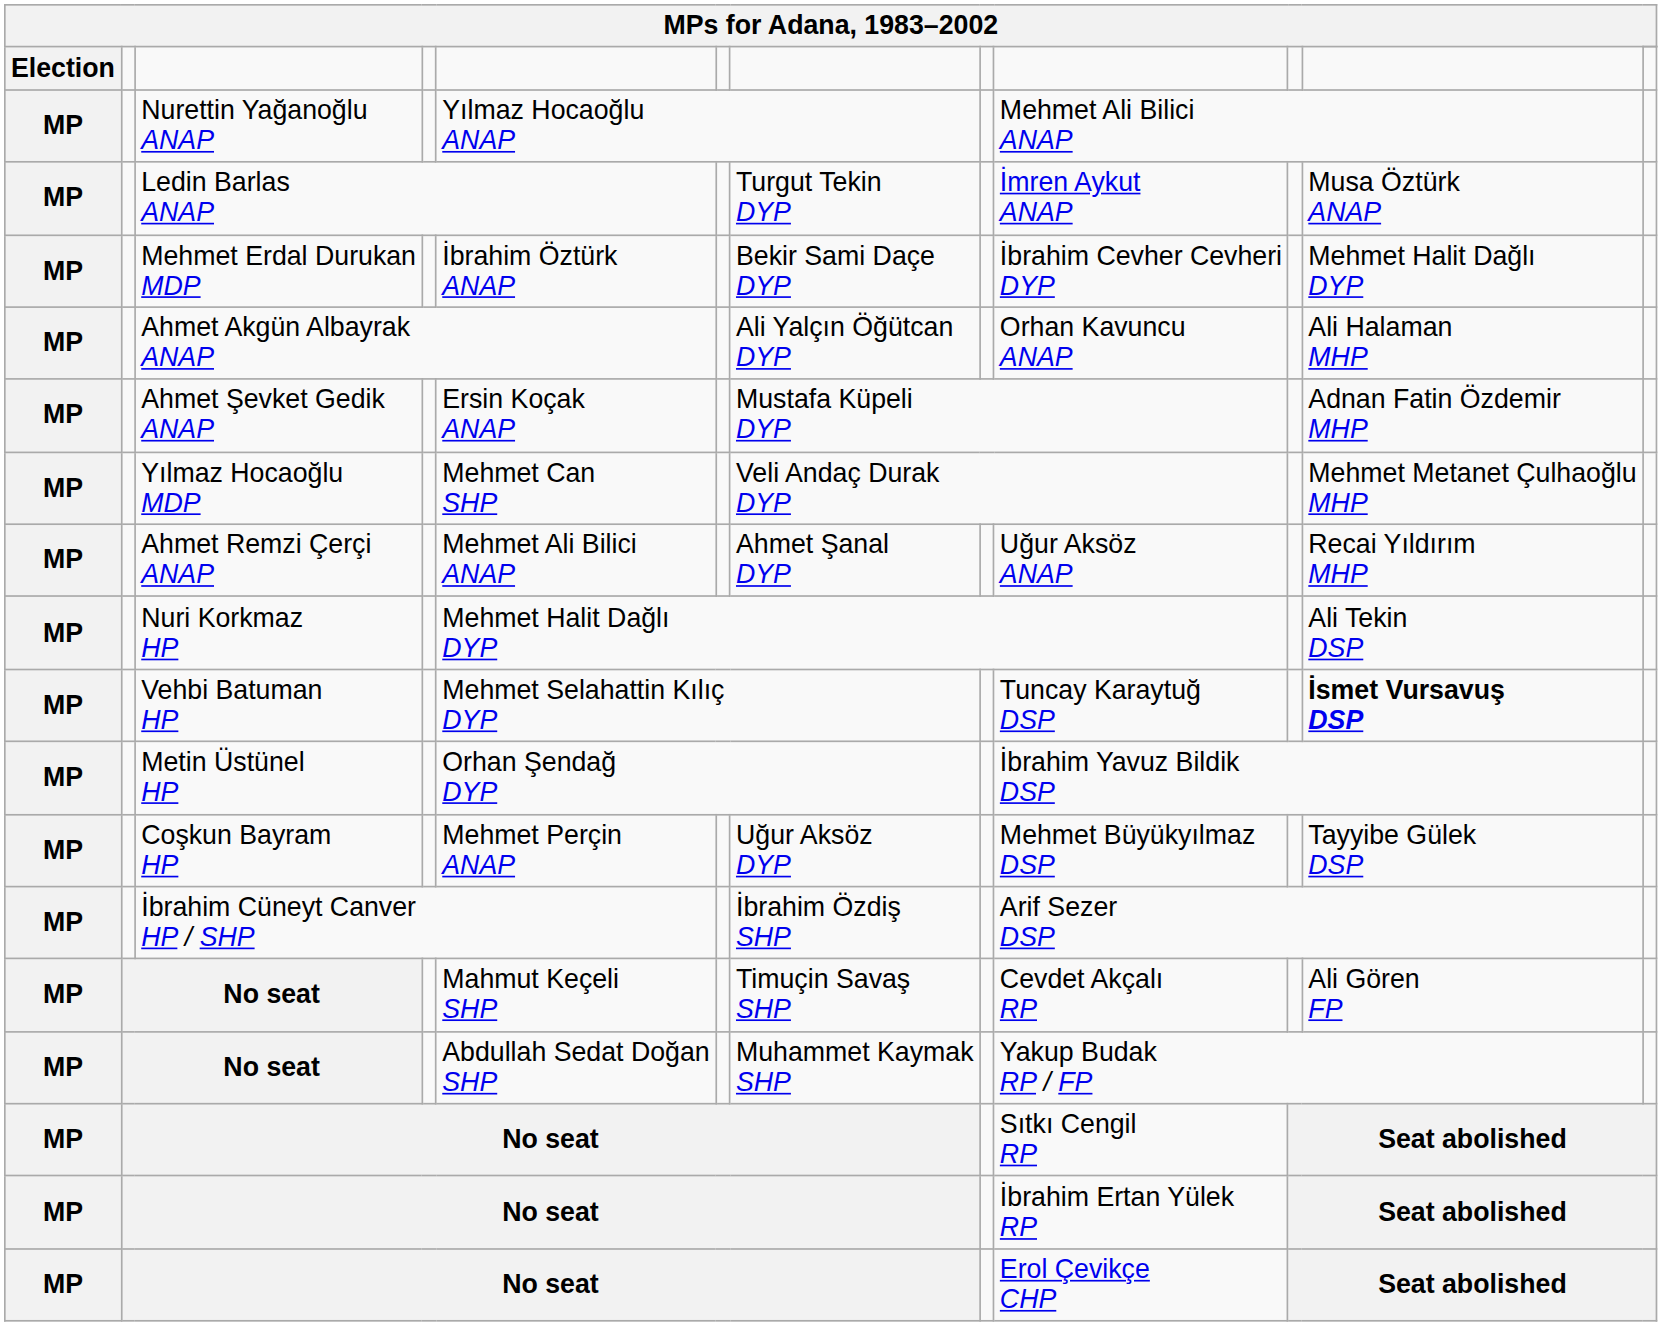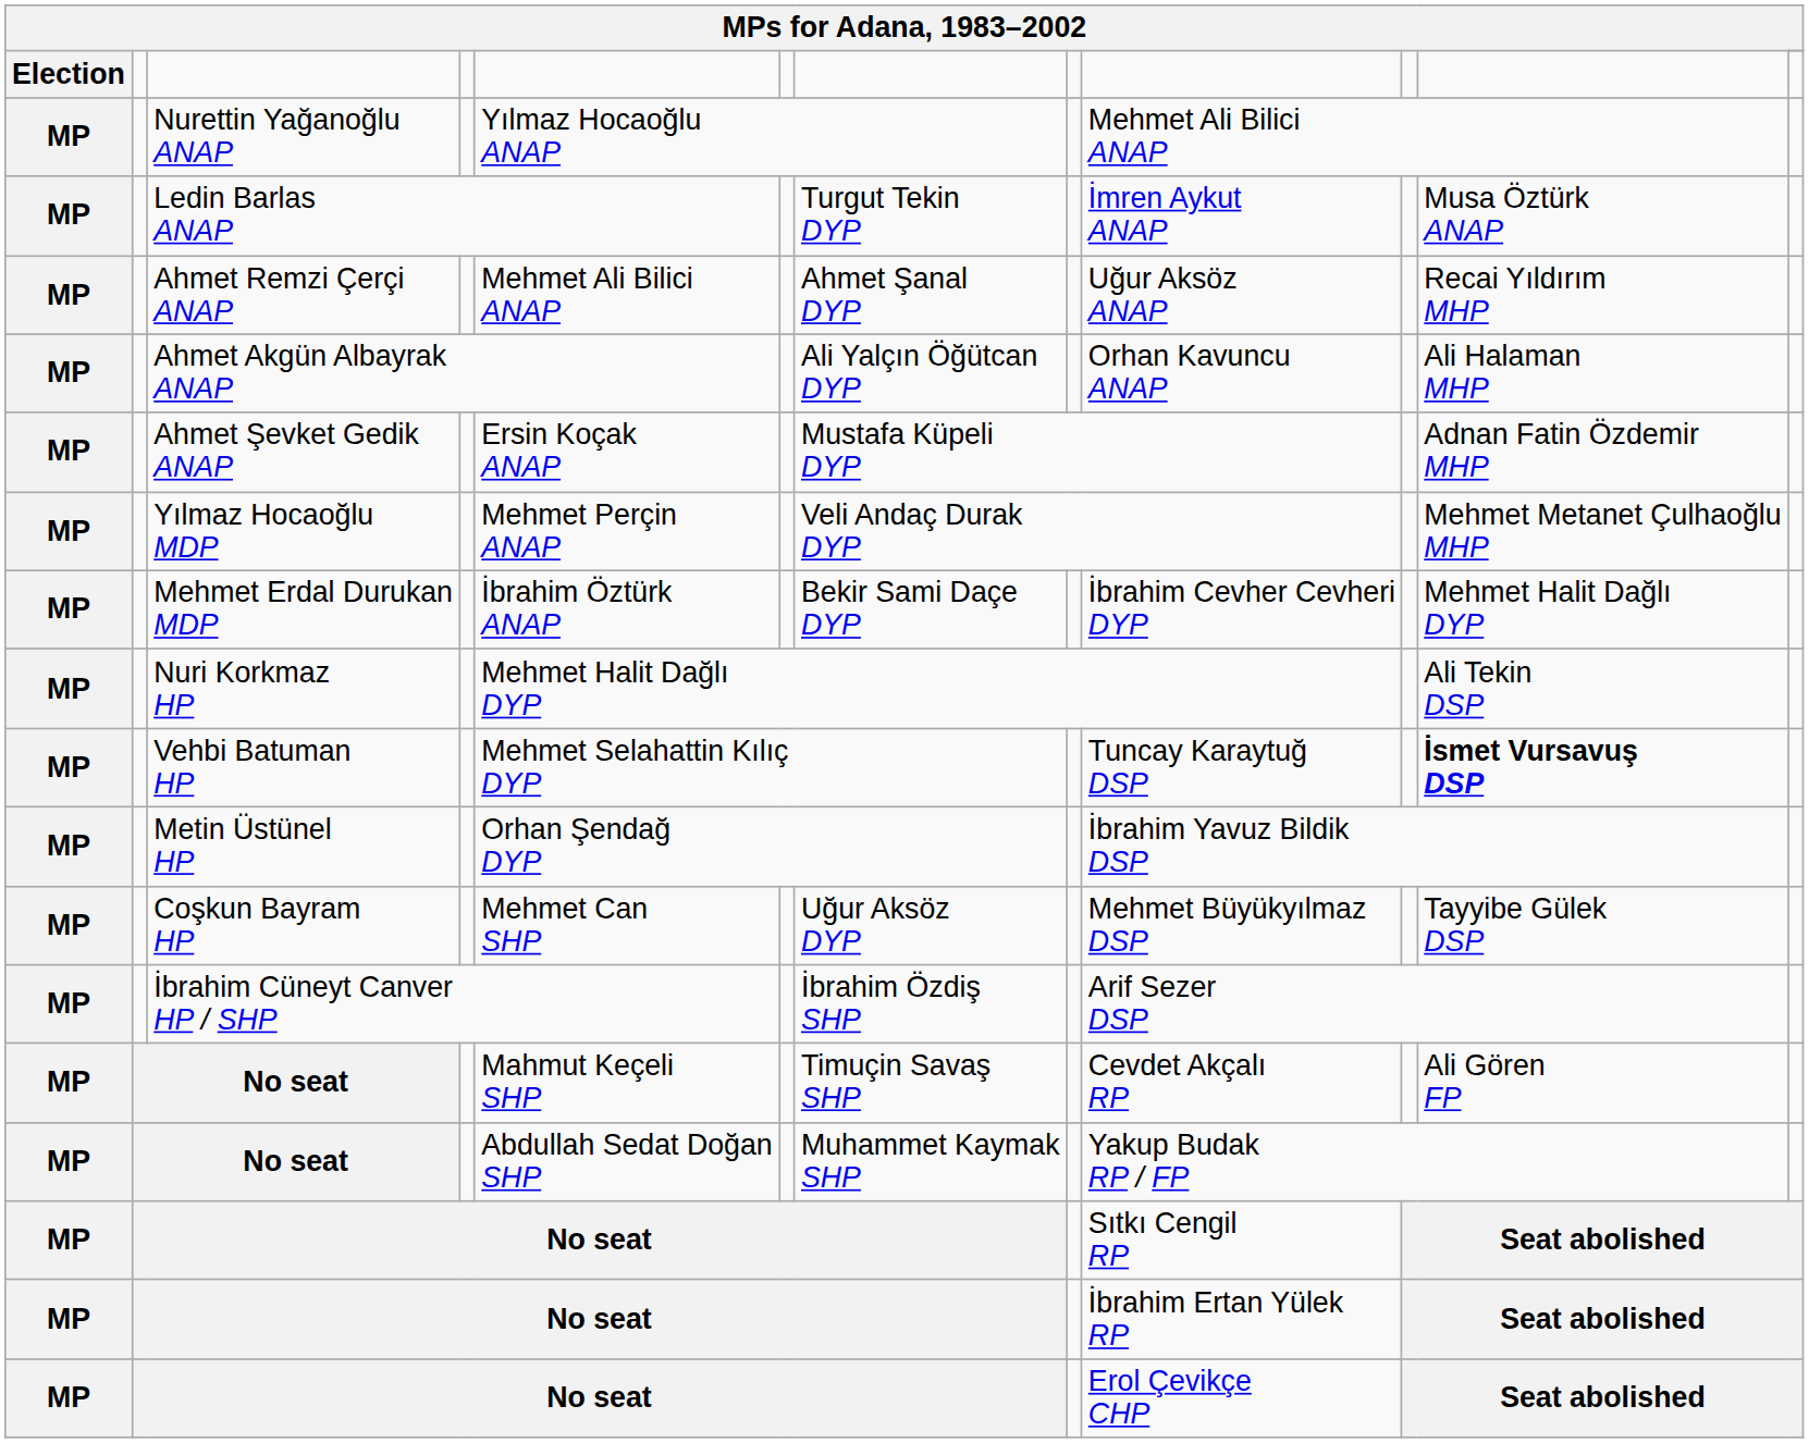 <table class="wikitable">
 <tr>
 <th colspan = 12>MPs for Adana, 1983–2002</th>
 </tr>
 <tr>
 <th rowspan = 2>Election</th>
 <td rowspan="2" style="width:1px;"></td>
 <td rowspan = 2></td>
 <td rowspan="2" style="width:1px;"></td>
 <td rowspan = 2></td>
 <td rowspan="2" style="width:1px;"></td>
 <td rowspan = 2></td>
 <td rowspan="2" style="width:1px;"></td>
 <td rowspan = 2></td>
 <td rowspan="2" style="width:1px;"></td>
 <td rowspan = 2></td>
 </tr>
 <tr>
 <td></td>
 </tr>
 <tr>
 <th>MP</th>
 <td width=1px style="background-color: "></td>
 <td colspan = 1>Nurettin Yağanoğlu<br><em><a href='#'>ANAP</a></em><br></td>
 <td width=1px style="background-color: "></td>
 <td colspan = 3>Yılmaz Hocaoğlu<br><em><a href='#'>ANAP</a></em><br></td>
 <td width=1px style="background-color: "></td>
 <td colspan = 3>Mehmet Ali Bilici<br><em><a href='#'>ANAP</a></em></td>
 <td width=1px style="background-color: "></td>
 </tr>
 <tr>
 <th>MP</th>
 <td width=1px style="background-color: "></td>
 <td colspan = 3>Ledin Barlas<br><em><a href='#'>ANAP</a></em><br></td>
 <td width=1px style="background-color: "></td>
 <td colspan = 1>Turgut Tekin<br><em><a href='#'>DYP</a></em><br></td>
 <td width=1px style="background-color: "></td>
 <td colspan = 1><a href='#'>İmren Aykut</a><br><em><a href='#'>ANAP</a></em><br></td>
 <td width=1px style="background-color: "></td>
 <td colspan = 1>Musa Öztürk<br><em><a href='#'>ANAP</a></em></td>
 <td width=1px style="background-color: "></td>
 </tr>
 <tr>
-<th>MP</th>
+<th>MP<br></th>
 <td width=1px style="background-color: "></td>
-<td colspan = 1>Mehmet Erdal Durukan<br><em><a href='#'>MDP</a></em><br></td>
+<td colspan = 1>Ahmet Remzi Çerçi<br><em><a href='#'>ANAP</a></em><br></td>
 <td width=1px style="background-color: "></td>
-<td colspan = 1>İbrahim Öztürk<br><em><a href='#'>ANAP</a></em><br></td>
+<td colspan = 1>Mehmet Ali Bilici<br><em><a href='#'>ANAP</a></em><br></td>
 <td width=1px style="background-color: "></td>
-<td colspan = 1>Bekir Sami Daçe<br><em><a href='#'>DYP</a></em><br></td>
+<td colspan = 1>Ahmet Şanal<br><em><a href='#'>DYP</a></em><br></td>
 <td width=1px style="background-color: "></td>
-<td colspan = 1>İbrahim Cevher Cevheri<br><em><a href='#'>DYP</a></em><br></td>
+<td colspan = 1>Uğur Aksöz<br><em><a href='#'>ANAP</a></em><br></td>
 <td width=1px style="background-color: "></td>
-<td colspan = 1>Mehmet Halit Dağlı<br><em><a href='#'>DYP</a></em></td>
+<td colspan = 1>Recai Yıldırım<br><em><a href='#'>MHP</a></em></td>
 <td width=1px style="background-color: "></td>
 </tr>
 <tr>
 <th>MP</th>
 <td width=1px style="background-color: "></td>
 <td colspan = 3>Ahmet Akgün Albayrak<br><em><a href='#'>ANAP</a></em><br></td>
 <td width=1px style="background-color: "></td>
 <td colspan = 1>Ali Yalçın Öğütcan<br><em><a href='#'>DYP</a></em><br></td>
 <td width=1px style="background-color: "></td>
 <td colspan = 1>Orhan Kavuncu<br><em><a href='#'>ANAP</a></em><br></td>
 <td width=1px style="background-color: "></td>
 <td colspan = 1>Ali Halaman<br><em><a href='#'>MHP</a></em></td>
 <td width=1px style="background-color: "></td>
 </tr>
 <tr>
 <th>MP</th>
 <td width=1px style="background-color: "></td>
 <td colspan = 1>Ahmet Şevket Gedik<br><em><a href='#'>ANAP</a></em><br></td>
 <td width=1px style="background-color: "></td>
 <td colspan = 1>Ersin Koçak<br><em><a href='#'>ANAP</a></em><br></td>
 <td width=1px style="background-color: "></td>
 <td colspan = 3>Mustafa Küpeli<br><em><a href='#'>DYP</a></em><br></td>
 <td width=1px style="background-color: "></td>
 <td colspan = 1>Adnan Fatin Özdemir<br><em><a href='#'>MHP</a></em></td>
 <td width=1px style="background-color: "></td>
 </tr>
 <tr>
 <th>MP</th>
 <td width=1px style="background-color: "></td>
 <td colspan = 1>Yılmaz Hocaoğlu<br><em><a href='#'>MDP</a></em><br></td>
 <td width=1px style="background-color: "></td>
-<td colspan = 1>Mehmet Can<br><em><a href='#'>SHP</a></em><br></td>
+<td colspan = 1>Mehmet Perçin<br><em><a href='#'>ANAP</a></em><br></td>
 <td width=1px style="background-color: "></td>
 <td colspan = 3>Veli Andaç Durak<br><em><a href='#'>DYP</a></em><br></td>
 <td width=1px style="background-color: "></td>
 <td colspan = 1>Mehmet Metanet Çulhaoğlu<br><em><a href='#'>MHP</a></em></td>
 <td width=1px style="background-color: "></td>
 </tr>
 <tr>
-<th>MP<br></th>
+<th>MP</th>
 <td width=1px style="background-color: "></td>
-<td colspan = 1>Ahmet Remzi Çerçi<br><em><a href='#'>ANAP</a></em><br></td>
+<td colspan = 1>Mehmet Erdal Durukan<br><em><a href='#'>MDP</a></em><br></td>
 <td width=1px style="background-color: "></td>
-<td colspan = 1>Mehmet Ali Bilici<br><em><a href='#'>ANAP</a></em><br></td>
+<td colspan = 1>İbrahim Öztürk<br><em><a href='#'>ANAP</a></em><br></td>
 <td width=1px style="background-color: "></td>
-<td colspan = 1>Ahmet Şanal<br><em><a href='#'>DYP</a></em><br></td>
+<td colspan = 1>Bekir Sami Daçe<br><em><a href='#'>DYP</a></em><br></td>
 <td width=1px style="background-color: "></td>
-<td colspan = 1>Uğur Aksöz<br><em><a href='#'>ANAP</a></em><br></td>
+<td colspan = 1>İbrahim Cevher Cevheri<br><em><a href='#'>DYP</a></em><br></td>
 <td width=1px style="background-color: "></td>
-<td colspan = 1>Recai Yıldırım<br><em><a href='#'>MHP</a></em></td>
+<td colspan = 1>Mehmet Halit Dağlı<br><em><a href='#'>DYP</a></em></td>
 <td width=1px style="background-color: "></td>
 </tr>
 <tr>
 <th>MP</th>
 <td width=1px style="background-color: "></td>
 <td colspan = 1>Nuri Korkmaz<br><em><a href='#'>HP</a></em><br></td>
 <td width=1px style="background-color: "></td>
 <td colspan = 5>Mehmet Halit Dağlı<br><em><a href='#'>DYP</a></em><br></td>
 <td width=1px style="background-color: "></td>
 <td colspan = 1>Ali Tekin<br><em><a href='#'>DSP</a></em></td>
 <td width=1px style="background-color: "></td>
 </tr>
 <tr>
 <th>MP</th>
 <td width=1px style="background-color: "></td>
 <td colspan = 1>Vehbi Batuman<br><em><a href='#'>HP</a></em><br></td>
 <td width=1px style="background-color: "></td>
 <td colspan = 3>Mehmet Selahattin Kılıç<br><em><a href='#'>DYP</a></em><br></td>
 <td width=1px style="background-color: "></td>
 <td colspan = 1>Tuncay Karaytuğ<br><em><a href='#'>DSP</a></em><br></td>
 <td width=1px style="background-color: "></td>
 <td colspan = 1><strong>İsmet Vursavuş<br><em><a href='#'>DSP</a></em></strong></td>
 <td width=1px style="background-color: "></td>
 </tr>
 <tr>
 <th>MP</th>
 <td width=1px style="background-color: "></td>
 <td colspan = 1>Metin Üstünel<br><em><a href='#'>HP</a></em><br></td>
 <td width=1px style="background-color: "></td>
 <td colspan = 3>Orhan Şendağ<br><em><a href='#'>DYP</a></em><br></td>
 <td width=1px style="background-color: "></td>
 <td colspan = 3>İbrahim Yavuz Bildik<br><em><a href='#'>DSP</a></em></td>
 <td width=1px style="background-color: "></td>
 </tr>
 <tr>
 <th>MP</th>
 <td width=1px style="background-color: "></td>
 <td colspan = 1>Coşkun Bayram<br><em><a href='#'>HP</a></em><br></td>
 <td width=1px style="background-color: "></td>
-<td colspan = 1>Mehmet Perçin<br><em><a href='#'>ANAP</a></em><br></td>
+<td colspan = 1>Mehmet Can<br><em><a href='#'>SHP</a></em><br></td>
 <td width=1px style="background-color: "></td>
 <td colspan = 1>Uğur Aksöz<br><em><a href='#'>DYP</a></em><br></td>
 <td width=1px style="background-color: "></td>
 <td colspan = 1>Mehmet Büyükyılmaz<br><em><a href='#'>DSP</a></em><br></td>
 <td width=1px style="background-color: "></td>
 <td colspan = 1>Tayyibe Gülek<br><em><a href='#'>DSP</a></em></td>
 <td width=1px style="background-color: "></td>
 </tr>
 <tr>
 <th>MP</th>
 <td width=1px style="background-color: "></td>
 <td colspan = 3>İbrahim Cüneyt Canver<br><em><a href='#'>HP</a> / <a href='#'>SHP</a></em><br></td>
 <td width=1px style="background-color: "></td>
 <td colspan = 1>İbrahim Özdiş<br><em><a href='#'>SHP</a></em><br></td>
 <td width=1px style="background-color: "></td>
 <td colspan = 3>Arif Sezer<br><em><a href='#'>DSP</a></em></td>
 <td width=1px style="background-color: "></td>
 </tr>
 <tr>
 <th>MP</th>
 <th colspan="2">No seat<br></th>
 <td width=1px style="background-color: "></td>
 <td colspan = 1>Mahmut Keçeli<br><em><a href='#'>SHP</a></em><br></td>
 <td width=1px style="background-color: "></td>
 <td colspan = 1>Timuçin Savaş<br><em><a href='#'>SHP</a></em><br></td>
 <td width=1px style="background-color: "></td>
 <td colspan = 1>Cevdet Akçalı<br><em><a href='#'>RP</a></em><br></td>
 <td width=1px style="background-color: "></td>
 <td colspan = 1>Ali Gören<br><em><a href='#'>FP</a></em></td>
 <td width=1px style="background-color: "></td>
 </tr>
 <tr>
 <th>MP</th>
 <th colspan="2">No seat<br></th>
 <td width=1px style="background-color: "></td>
 <td colspan = 1>Abdullah Sedat Doğan<br><em><a href='#'>SHP</a></em><br></td>
 <td width=1px style="background-color: "></td>
 <td colspan = 1>Muhammet Kaymak<br><em><a href='#'>SHP</a></em><br></td>
 <td width=1px style="background-color: "></td>
 <td colspan = 3>Yakup Budak<br><em><a href='#'>RP</a> / <a href='#'>FP</a></em></td>
 <td width=1px style="background-color: "></td>
 </tr>
 <tr>
 <th>MP</th>
 <th colspan="6">No seat<br></th>
 <td width=1px style="background-color: "></td>
 <td colspan = 1>Sıtkı Cengil<br><em><a href='#'>RP</a></em></td>
 <th colspan=3>Seat abolished</th>
 </tr>
 <tr>
 <th>MP</th>
 <th colspan="6">No seat<br></th>
 <td width=1px style="background-color: "></td>
 <td colspan = 1>İbrahim Ertan Yülek<br><em><a href='#'>RP</a></em></td>
 <th colspan=3>Seat abolished</th>
 </tr>
 <tr>
 <th>MP</th>
 <th colspan="6">No seat<br></th>
 <td width=1px style="background-color: "></td>
 <td colspan = 1><a href='#'>Erol Çevikçe</a><br><em><a href='#'>CHP</a></em></td>
 <th colspan=3>Seat abolished</th>
 </tr>
 </table>
